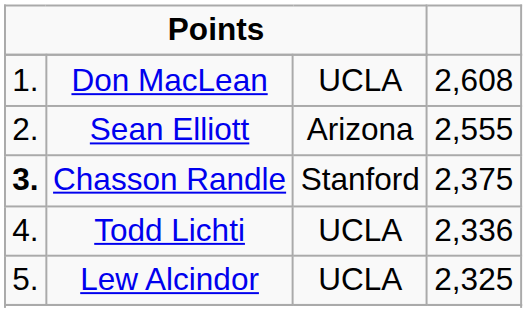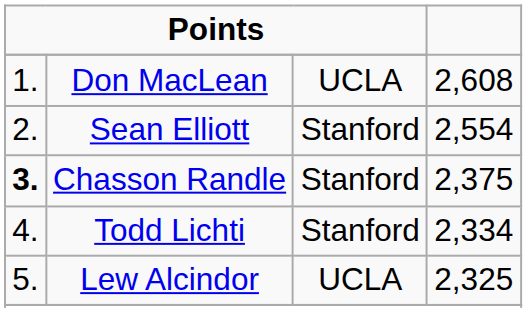 <table class="wikitable" style="display: inline-table;">
 <tr>
 <td align="center" Colspan="3"><strong>Points</strong></td>
 </tr>
 <tr align="center">
 </tr>
 <tr align="center">
 <td>1.</td>
 <td><a href='#'>Don MacLean</a></td>
 <td>UCLA</td>
 <td>2,608</td>
 </tr>
 <tr align="center">
 <td>2.</td>
 <td><a href='#'>Sean Elliott</a></td>
-<td>Arizona</td>
-<td>2,555</td>
+<td>Stanford</td>
+<td>2,554</td>
 </tr>
 <tr align="center">
 <td><strong>3.</strong></td>
 <td><a href='#'>Chasson Randle</a></td>
 <td>Stanford</td>
 <td>2,375</td>
 </tr>
 <tr align="center">
 <td>4.</td>
 <td><a href='#'>Todd Lichti</a></td>
-<td>UCLA</td>
-<td>2,336</td>
+<td>Stanford</td>
+<td>2,334</td>
 </tr>
 <tr align="center">
 <td>5.</td>
 <td><a href='#'>Lew Alcindor</a></td>
 <td>UCLA</td>
 <td>2,325</td>
 </tr>
 <tr align="center">
 </tr>
 <tr>
 </tr>
 </table>
